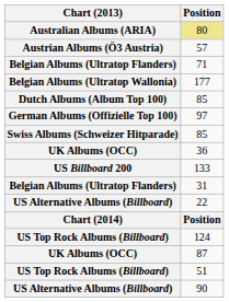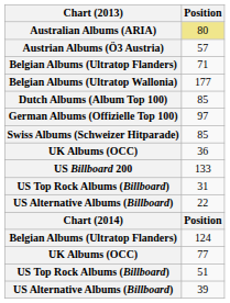 <table class="wikitable sortable plainrowheaders">
 <tr>
 <th scope="col">Chart (2013)</th>
 <th scope="col">Position</th>
 </tr>
 <tr>
 <th scope="row">Australian Albums (ARIA)</th>
 <td style="background: khaki; text-align:center;">80</td>
 </tr>
 <tr>
 <th scope="row">Austrian Albums (Ö3 Austria)</th>
 <td style="text-align:center;">57</td>
 </tr>
 <tr>
 <th scope="row">Belgian Albums (Ultratop Flanders)</th>
 <td style="text-align:center;">71</td>
 </tr>
 <tr>
 <th scope="row">Belgian Albums (Ultratop Wallonia)</th>
 <td style="text-align:center;">177</td>
 </tr>
 <tr>
 <th scope="row">Dutch Albums (Album Top 100)</th>
 <td style="text-align:center;">85</td>
 </tr>
 <tr>
 <th scope="row">German Albums (Offizielle Top 100)</th>
 <td style="text-align:center;">97</td>
 </tr>
 <tr>
 <th scope="row">Swiss Albums (Schweizer Hitparade)</th>
 <td style="text-align:center;">85</td>
 </tr>
 <tr>
 <th scope="row">UK Albums (OCC)</th>
 <td style="text-align:center;">36</td>
 </tr>
 <tr>
 <th scope="row">US <em>Billboard</em> 200</th>
 <td style="text-align:center;">133</td>
 </tr>
 <tr>
-<th scope="row">Belgian Albums (Ultratop Flanders)</th>
+<th scope="row">US Top Rock Albums (<em>Billboard</em>)</th>
 <td style="text-align:center;">31</td>
 </tr>
 <tr>
 <th scope="row">US Alternative Albums (<em>Billboard</em>)</th>
 <td style="text-align:center;">22</td>
 </tr>
 <tr>
 <th scope="col">Chart (2014)</th>
 <th scope="col">Position</th>
 </tr>
 <tr>
-<th scope="row">US Top Rock Albums (<em>Billboard</em>)</th>
+<th scope="row">Belgian Albums (Ultratop Flanders)</th>
 <td style="text-align:center;">124</td>
 </tr>
 <tr>
 <th scope="row">UK Albums (OCC)</th>
-<td style="text-align:center;">87</td>
+<td style="text-align:center;">77</td>
 </tr>
 <tr>
 <th scope="row">US Top Rock Albums (<em>Billboard</em>)</th>
 <td style="text-align:center;">51</td>
 </tr>
 <tr>
 <th scope="row">US Alternative Albums (<em>Billboard</em>)</th>
-<td style="text-align:center;">90</td>
+<td style="text-align:center;">39</td>
 </tr>
 </table>
